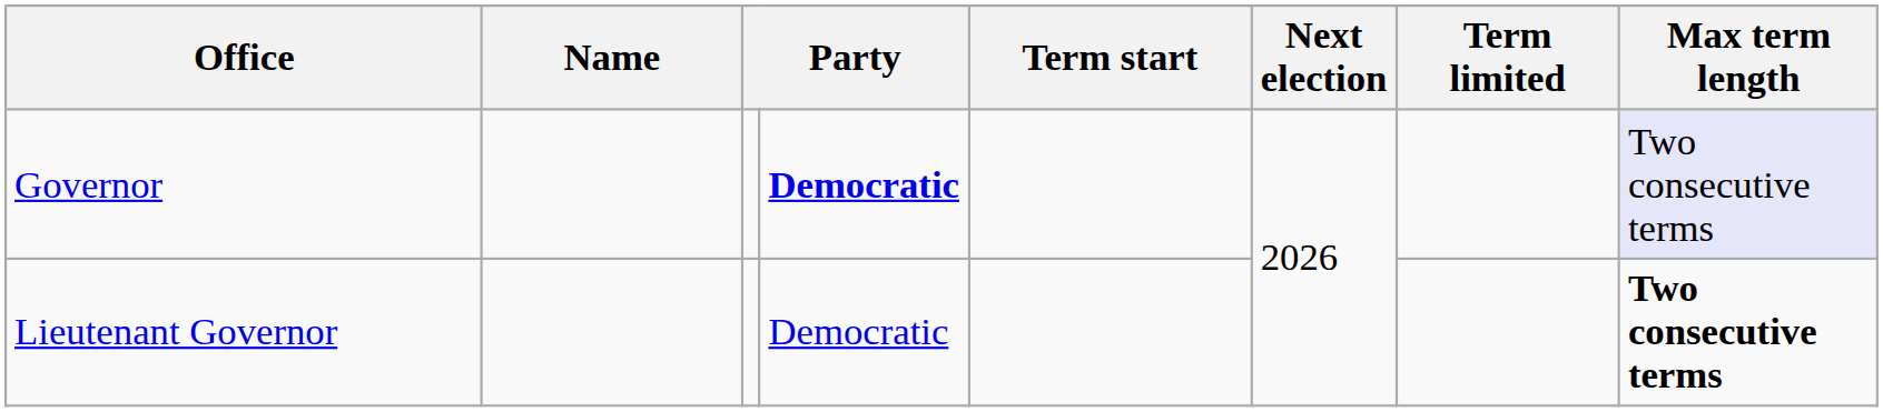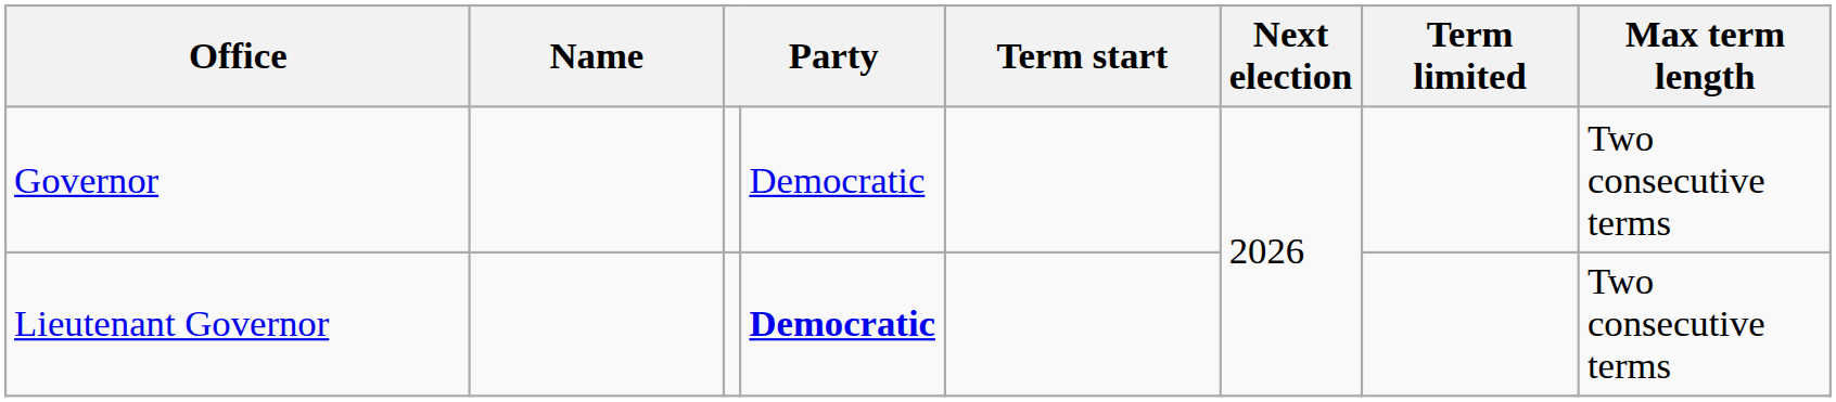 <table class="sortable wikitable">
 <tr>
 <th scope="col" width=190>Office</th>
 <th scope="col" width=100>Name</th>
 <th scope="col" width=75 colspan=2>Party</th>
 <th scope="col" width=110>Term start</th>
 <th scope="col" width=50>Next election</th>
 <th scope="col" width=85>Term limited</th>
 <th scope="col" width=100>Max term length</th>
 </tr>
 <tr>
 <td><a href='#'>Governor</a></td>
 <td></td>
 <td style="background-color:"></td>
-<td><strong><a href='#'>Democratic</a></strong></td>
+<td><a href='#'>Democratic</a></td>
 <td></td>
 <td rowspan=2>2026</td>
 <td></td>
-<td style="background: lavender;">Two consecutive terms</td>
+<td>Two consecutive terms</td>
 </tr>
 <tr>
 <td><a href='#'>Lieutenant Governor</a></td>
 <td></td>
 <td style="background-color:"></td>
-<td><a href='#'>Democratic</a></td>
+<td><strong><a href='#'>Democratic</a></strong></td>
 <td></td>
 <td></td>
-<td><strong>Two consecutive terms</strong></td>
+<td>Two consecutive terms</td>
 </tr>
 </table>
